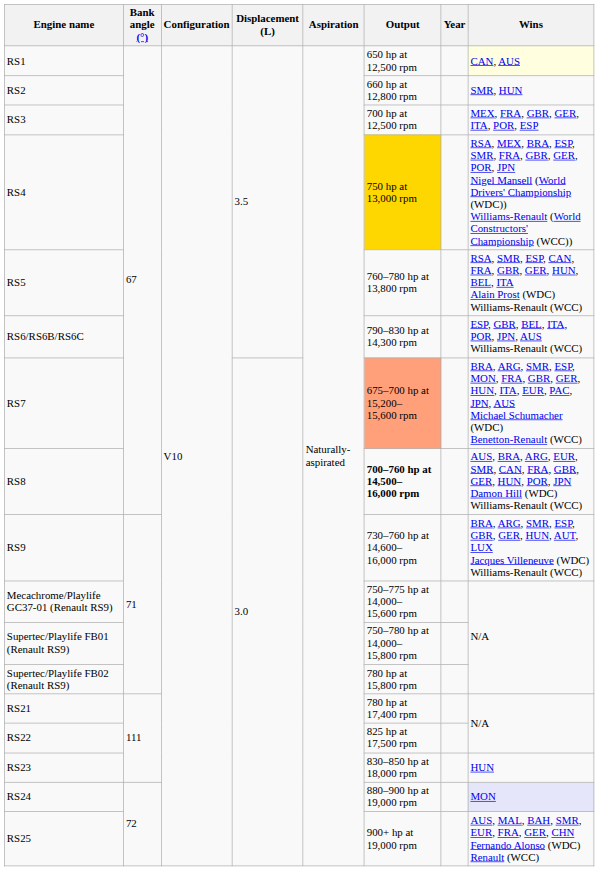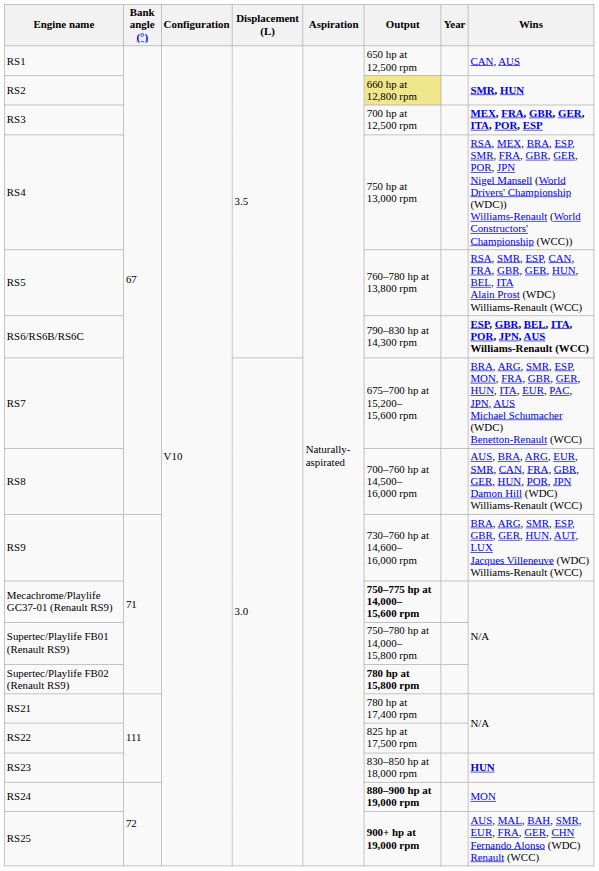 <table class="wikitable sortable">
 <tr>
 <th>Engine name</th>
 <th>Bank angle <a href='#'>(°)</a></th>
 <th>Configuration</th>
 <th>Displacement (L)</th>
 <th>Aspiration</th>
 <th>Output</th>
 <th>Year</th>
 <th>Wins</th>
 </tr>
 <tr>
 <td>RS1</td>
 <td rowspan="8">67</td>
 <td rowspan="17">V10</td>
 <td rowspan="6">3.5</td>
 <td rowspan="17">Naturally-aspirated</td>
 <td>650 hp at 12,500 rpm</td>
 <td></td>
-<td style="background: lightyellow;"><a href='#'>CAN</a>, <a href='#'>AUS</a></td>
+<td><a href='#'>CAN</a>, <a href='#'>AUS</a></td>
 </tr>
 <tr>
 <td>RS2</td>
-<td>660 hp at 12,800 rpm</td>
+<td style="background: khaki;">660 hp at 12,800 rpm</td>
 <td></td>
-<td><a href='#'>SMR</a>, <a href='#'>HUN</a></td>
+<td><strong><a href='#'>SMR</a>, <a href='#'>HUN</a></strong></td>
 </tr>
 <tr>
 <td>RS3</td>
 <td>700 hp at 12,500 rpm</td>
 <td></td>
-<td><a href='#'>MEX</a>, <a href='#'>FRA</a>, <a href='#'>GBR</a>, <a href='#'>GER</a>, <a href='#'>ITA</a>, <a href='#'>POR</a>, <a href='#'>ESP</a></td>
+<td><strong><a href='#'>MEX</a>, <a href='#'>FRA</a>, <a href='#'>GBR</a>, <a href='#'>GER</a>, <a href='#'>ITA</a>, <a href='#'>POR</a>, <a href='#'>ESP</a></strong></td>
 </tr>
 <tr>
 <td>RS4</td>
-<td style="background: gold;">750 hp at 13,000 rpm</td>
+<td>750 hp at 13,000 rpm</td>
 <td></td>
 <td><a href='#'>RSA</a>, <a href='#'>MEX</a>, <a href='#'>BRA</a>, <a href='#'>ESP</a>, <a href='#'>SMR</a>, <a href='#'>FRA</a>, <a href='#'>GBR</a>, <a href='#'>GER</a>, <a href='#'>POR</a>, <a href='#'>JPN</a><br><a href='#'>Nigel Mansell</a> (<a href='#'>World Drivers' Championship</a> (WDC))<br><a href='#'>Williams-Renault</a> (<a href='#'>World Constructors' Championship</a> (WCC))</td>
 </tr>
 <tr>
 <td>RS5</td>
 <td>760–780 hp at 13,800 rpm</td>
 <td></td>
 <td><a href='#'>RSA</a>, <a href='#'>SMR</a>, <a href='#'>ESP</a>, <a href='#'>CAN</a>, <a href='#'>FRA</a>, <a href='#'>GBR</a>, <a href='#'>GER</a>, <a href='#'>HUN</a>, <a href='#'>BEL</a>, <a href='#'>ITA</a><br><a href='#'>Alain Prost</a> (WDC)<br>Williams-Renault (WCC)</td>
 </tr>
 <tr>
 <td>RS6/RS6B/RS6C</td>
 <td>790–830 hp at 14,300 rpm</td>
 <td></td>
-<td><a href='#'>ESP</a>, <a href='#'>GBR</a>, <a href='#'>BEL</a>, <a href='#'>ITA</a>, <a href='#'>POR</a>, <a href='#'>JPN</a>, <a href='#'>AUS</a><br>Williams-Renault (WCC)</td>
+<td><strong><a href='#'>ESP</a>, <a href='#'>GBR</a>, <a href='#'>BEL</a>, <a href='#'>ITA</a>, <a href='#'>POR</a>, <a href='#'>JPN</a>, <a href='#'>AUS</a><br>Williams-Renault (WCC)</strong></td>
 </tr>
 <tr>
 <td>RS7</td>
 <td rowspan="11">3.0</td>
-<td style="background: lightsalmon;">675–700 hp at 15,200–15,600 rpm</td>
+<td>675–700 hp at 15,200–15,600 rpm</td>
 <td></td>
 <td><a href='#'>BRA</a>, <a href='#'>ARG</a>, <a href='#'>SMR</a>, <a href='#'>ESP</a>, <a href='#'>MON</a>, <a href='#'>FRA</a>, <a href='#'>GBR</a>, <a href='#'>GER</a>, <a href='#'>HUN</a>, <a href='#'>ITA</a>, <a href='#'>EUR</a>, <a href='#'>PAC</a>, <a href='#'>JPN</a>, <a href='#'>AUS</a><br><a href='#'>Michael Schumacher</a> (WDC)<br><a href='#'>Benetton-Renault</a> (WCC)</td>
 </tr>
 <tr>
 <td>RS8</td>
-<td><strong>700–760 hp at 14,500–16,000 rpm</strong></td>
+<td>700–760 hp at 14,500–16,000 rpm</td>
 <td></td>
 <td><a href='#'>AUS</a>, <a href='#'>BRA</a>, <a href='#'>ARG</a>, <a href='#'>EUR</a>, <a href='#'>SMR</a>, <a href='#'>CAN</a>, <a href='#'>FRA</a>, <a href='#'>GBR</a>, <a href='#'>GER</a>, <a href='#'>HUN</a>, <a href='#'>POR</a>, <a href='#'>JPN</a><br><a href='#'>Damon Hill</a> (WDC)<br>Williams-Renault (WCC)</td>
 </tr>
 <tr>
 <td>RS9</td>
 <td rowspan="4">71</td>
 <td>730–760 hp at 14,600–16,000 rpm</td>
 <td></td>
 <td><a href='#'>BRA</a>, <a href='#'>ARG</a>, <a href='#'>SMR</a>, <a href='#'>ESP</a>, <a href='#'>GBR</a>, <a href='#'>GER</a>, <a href='#'>HUN</a>, <a href='#'>AUT</a>, <a href='#'>LUX</a><br><a href='#'>Jacques Villeneuve</a> (WDC)<br>Williams-Renault (WCC)</td>
 </tr>
 <tr>
 <td>Mecachrome/Playlife GC37-01 (Renault RS9)</td>
-<td>750–775 hp at 14,000–15,600 rpm</td>
+<td><strong>750–775 hp at 14,000–15,600 rpm</strong></td>
 <td></td>
 <td rowspan="3">N/A</td>
 </tr>
 <tr>
 <td>Supertec/Playlife FB01 (Renault RS9)</td>
 <td>750–780 hp at 14,000–15,800 rpm</td>
 <td></td>
 </tr>
 <tr>
 <td>Supertec/Playlife FB02 (Renault RS9)</td>
-<td>780 hp at 15,800 rpm</td>
+<td><strong>780 hp at 15,800 rpm</strong></td>
 <td></td>
 </tr>
 <tr>
 <td>RS21</td>
 <td rowspan="3">111</td>
 <td>780 hp at 17,400 rpm</td>
 <td></td>
 <td rowspan="2">N/A</td>
 </tr>
 <tr>
 <td>RS22</td>
 <td>825 hp at 17,500 rpm</td>
 <td></td>
 </tr>
 <tr>
 <td>RS23</td>
 <td>830–850 hp at 18,000 rpm</td>
 <td></td>
-<td><a href='#'>HUN</a></td>
+<td><strong><a href='#'>HUN</a></strong></td>
 </tr>
 <tr>
 <td>RS24</td>
 <td rowspan="2">72</td>
-<td>880–900 hp at 19,000 rpm</td>
+<td><strong>880–900 hp at 19,000 rpm</strong></td>
 <td></td>
-<td style="background: lavender;"><a href='#'>MON</a></td>
+<td><a href='#'>MON</a></td>
 </tr>
 <tr>
 <td>RS25</td>
-<td>900+ hp at 19,000 rpm</td>
+<td><strong>900+ hp at 19,000 rpm</strong></td>
 <td></td>
 <td><a href='#'>AUS</a>, <a href='#'>MAL</a>, <a href='#'>BAH</a>, <a href='#'>SMR</a>, <a href='#'>EUR</a>, <a href='#'>FRA</a>, <a href='#'>GER</a>, <a href='#'>CHN</a><br><a href='#'>Fernando Alonso</a> (WDC)<br><a href='#'>Renault</a> (WCC)</td>
 </tr>
 </table>
